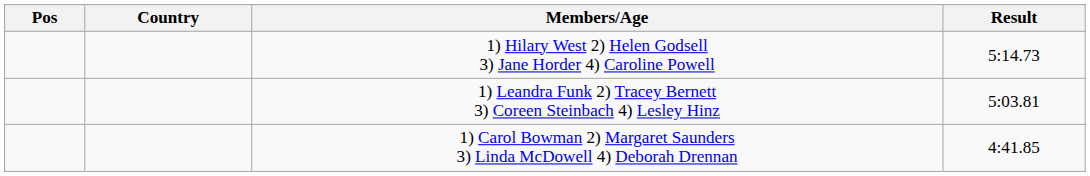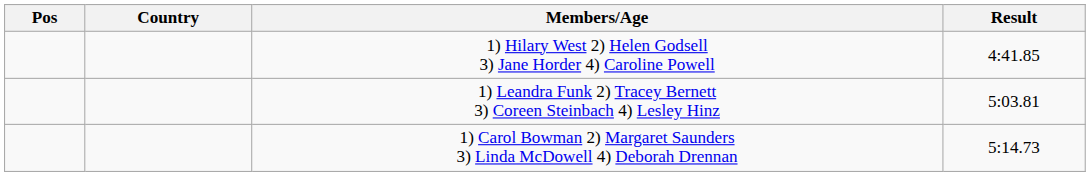 <table class="wikitable"  style="text-align:center; width:80%;">
 <tr>
 <th>Pos</th>
 <th>Country</th>
 <th>Members/Age</th>
 <th>Result</th>
 </tr>
 <tr>
 <td align=center></td>
 <td align=left></td>
 <td>1) <a href='#'>Hilary West</a> 2) <a href='#'>Helen Godsell</a><br>3) <a href='#'>Jane Horder</a> 4) <a href='#'>Caroline Powell</a></td>
-<td>5:14.73</td>
+<td>4:41.85</td>
 </tr>
 <tr>
 <td align=center></td>
 <td align=left></td>
 <td>1) <a href='#'>Leandra Funk</a> 2) <a href='#'>Tracey Bernett</a><br>3) <a href='#'>Coreen Steinbach</a> 4) <a href='#'>Lesley Hinz</a></td>
 <td>5:03.81</td>
 </tr>
 <tr>
 <td align=center></td>
 <td align=left></td>
 <td>1) <a href='#'>Carol Bowman</a> 2) <a href='#'>Margaret Saunders</a><br>3) <a href='#'>Linda McDowell</a> 4) <a href='#'>Deborah Drennan</a></td>
-<td>4:41.85</td>
+<td>5:14.73</td>
 </tr>
 </table>
